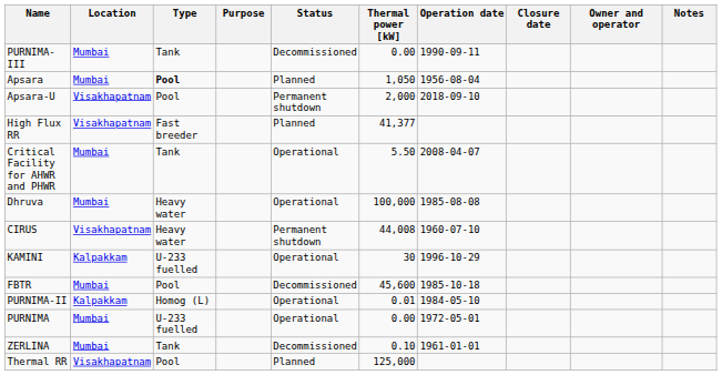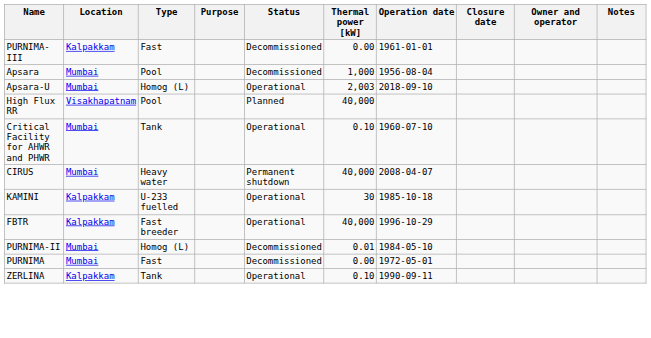 <table class="wikitable" >
 <tr valign="top">
 <th width="80">Name</th>
 <th width="65">Location</th>
 <th width="76">Type</th>
 <th width="65">Purpose</th>
 <th width="91">Status</th>
 <th width="70“">Thermal power [kW]</th>
 <th width=„67“>Operation date</th>
 <th width="78“">Closure date</th>
 <th width="113“">Owner and operator</th>
 <th width="65">Notes</th>
 </tr>
 <tr valign="top">
 <td>PURNIMA-III</td>
-<td><a href='#'>Mumbai</a></td>
-<td>Tank</td>
+<td><a href='#'>Kalpakkam</a></td>
+<td>Fast</td>
 <td></td>
 <td>Decommissioned</td>
 <td align="right">0.00</td>
-<td>1990-09-11</td>
+<td>1961-01-01</td>
 <td></td>
 <td></td>
 <td></td>
 </tr>
 <tr valign="top">
 <td>Apsara</td>
 <td><a href='#'>Mumbai</a></td>
-<td><strong>Pool</strong></td>
+<td>Pool</td>
 <td></td>
-<td>Planned</td>
-<td align="right">1,050</td>
+<td>Decommissioned</td>
+<td align="right">1,000</td>
 <td>1956-08-04</td>
 <td></td>
 <td></td>
 <td></td>
 </tr>
 <tr valign="top">
 <td>Apsara-U</td>
-<td><a href='#'>Visakhapatnam</a></td>
-<td>Pool</td>
+<td><a href='#'>Mumbai</a></td>
+<td>Homog (L)</td>
 <td></td>
-<td>Permanent shutdown</td>
-<td align="right">2,000</td>
+<td>Operational</td>
+<td align="right">2,003</td>
 <td>2018-09-10</td>
 <td></td>
 <td></td>
 <td></td>
 </tr>
 <tr valign="top">
 <td>High Flux RR</td>
 <td><a href='#'>Visakhapatnam</a></td>
-<td>Fast breeder</td>
+<td>Pool</td>
 <td></td>
 <td>Planned</td>
-<td align="right">41,377</td>
+<td align="right">40,000</td>
 <td> </td>
 <td></td>
 <td></td>
 <td></td>
 </tr>
 <tr valign="top">
 <td>Critical Facility for AHWR and PHWR</td>
 <td><a href='#'>Mumbai</a></td>
 <td>Tank</td>
 <td></td>
 <td>Operational</td>
-<td align="right">5.50</td>
-<td>2008-04-07</td>
-<td></td>
-<td></td>
-<td></td>
-</tr>
-<tr valign="top">
-<td>Dhruva</td>
-<td><a href='#'>Mumbai</a></td>
-<td>Heavy water</td>
-<td></td>
-<td>Operational</td>
-<td align="right">100,000</td>
-<td>1985-08-08</td>
+<td align="right">0.10</td>
+<td>1960-07-10</td>
 <td></td>
 <td></td>
 <td></td>
 </tr>
 <tr valign="top">
 <td>CIRUS</td>
-<td><a href='#'>Visakhapatnam</a></td>
+<td><a href='#'>Mumbai</a></td>
 <td>Heavy water</td>
 <td></td>
 <td>Permanent shutdown</td>
-<td align="right">44,008</td>
-<td>1960-07-10</td>
+<td align="right">40,000</td>
+<td>2008-04-07</td>
 <td></td>
 <td></td>
 <td></td>
 </tr>
 <tr valign="top">
 <td>KAMINI</td>
 <td><a href='#'>Kalpakkam</a></td>
 <td>U-233 fuelled</td>
 <td></td>
 <td>Operational</td>
 <td align="right">30</td>
+<td>1985-10-18</td>
+<td></td>
+<td></td>
+<td></td>
+</tr>
+<tr valign="top">
+<td>FBTR</td>
+<td><a href='#'>Kalpakkam</a></td>
+<td>Fast breeder</td>
+<td></td>
+<td>Operational</td>
+<td align="right">40,000</td>
 <td>1996-10-29</td>
 <td></td>
 <td></td>
 <td></td>
 </tr>
 <tr valign="top">
-<td>FBTR</td>
+<td>PURNIMA-II</td>
 <td><a href='#'>Mumbai</a></td>
-<td>Pool</td>
+<td>Homog (L)</td>
 <td></td>
 <td>Decommissioned</td>
-<td align="right">45,600</td>
-<td>1985-10-18</td>
-<td></td>
-<td></td>
-<td></td>
-</tr>
-<tr valign="top">
-<td>PURNIMA-II</td>
-<td><a href='#'>Kalpakkam</a></td>
-<td>Homog (L)</td>
-<td></td>
-<td>Operational</td>
 <td align="right">0.01</td>
 <td>1984-05-10</td>
 <td></td>
 <td></td>
 <td></td>
 </tr>
 <tr valign="top">
 <td>PURNIMA</td>
 <td><a href='#'>Mumbai</a></td>
-<td>U-233 fuelled</td>
+<td>Fast</td>
 <td></td>
-<td>Operational</td>
+<td>Decommissioned</td>
 <td align="right">0.00</td>
 <td>1972-05-01</td>
 <td></td>
 <td></td>
 <td></td>
 </tr>
 <tr valign="top">
 <td>ZERLINA</td>
-<td><a href='#'>Mumbai</a></td>
+<td><a href='#'>Kalpakkam</a></td>
 <td>Tank</td>
 <td></td>
-<td>Decommissioned</td>
+<td>Operational</td>
 <td align="right">0.10</td>
-<td>1961-01-01</td>
-<td></td>
-<td></td>
-<td></td>
-</tr>
-<tr valign="top">
-<td>Thermal RR</td>
-<td><a href='#'>Visakhapatnam</a></td>
-<td>Pool</td>
-<td></td>
-<td>Planned</td>
-<td align="right">125,000</td>
-<td> </td>
+<td>1990-09-11</td>
 <td></td>
 <td></td>
 <td></td>
 </tr>
 </table>
